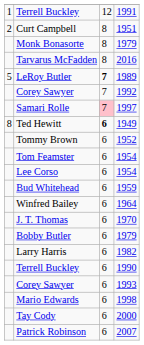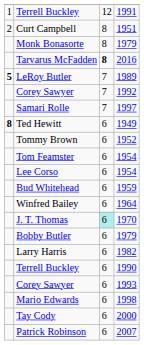 <table class="wikitable">
 <tr>
 </tr>
 <tr>
 <td>1</td>
 <td><a href='#'>Terrell Buckley</a></td>
 <td>12</td>
 <td><a href='#'>1991</a></td>
 </tr>
 <tr>
 <td>2</td>
 <td>Curt Campbell</td>
 <td>8</td>
 <td><a href='#'>1951</a></td>
 </tr>
 <tr>
 <td></td>
 <td><a href='#'>Monk Bonasorte</a></td>
 <td>8</td>
 <td><a href='#'>1979</a></td>
 </tr>
 <tr>
 <td></td>
 <td><a href='#'>Tarvarus McFadden</a></td>
-<td>8</td>
+<td><strong>8</strong></td>
 <td><a href='#'>2016</a></td>
 </tr>
 <tr>
-<td>5</td>
+<td><strong>5</strong></td>
 <td><a href='#'>LeRoy Butler</a></td>
-<td><strong>7</strong></td>
+<td>7</td>
 <td><a href='#'>1989</a></td>
 </tr>
 <tr>
 <td></td>
 <td><a href='#'>Corey Sawyer</a></td>
 <td>7</td>
 <td><a href='#'>1992</a></td>
 </tr>
 <tr>
 <td></td>
 <td><a href='#'>Samari Rolle</a></td>
-<td style="background: pink;">7</td>
+<td>7</td>
 <td><a href='#'>1997</a></td>
 </tr>
 <tr>
-<td>8</td>
+<td><strong>8</strong></td>
 <td>Ted Hewitt</td>
-<td><strong>6</strong></td>
+<td>6</td>
 <td><a href='#'>1949</a></td>
 </tr>
 <tr>
 <td></td>
 <td>Tommy Brown</td>
 <td>6</td>
 <td><a href='#'>1952</a></td>
 </tr>
 <tr>
 <td></td>
 <td><a href='#'>Tom Feamster</a></td>
 <td>6</td>
 <td><a href='#'>1954</a></td>
 </tr>
 <tr>
 <td></td>
 <td><a href='#'>Lee Corso</a></td>
 <td>6</td>
 <td><a href='#'>1954</a></td>
 </tr>
 <tr>
 <td></td>
 <td><a href='#'>Bud Whitehead</a></td>
 <td>6</td>
 <td><a href='#'>1959</a></td>
 </tr>
 <tr>
 <td></td>
 <td>Winfred Bailey</td>
 <td>6</td>
 <td><a href='#'>1964</a></td>
 </tr>
 <tr>
 <td></td>
 <td><a href='#'>J. T. Thomas</a></td>
-<td>6</td>
+<td style="background: paleturquoise;">6</td>
 <td><a href='#'>1970</a></td>
 </tr>
 <tr>
 <td></td>
 <td><a href='#'>Bobby Butler</a></td>
 <td>6</td>
 <td><a href='#'>1979</a></td>
 </tr>
 <tr>
 <td></td>
 <td>Larry Harris</td>
 <td>6</td>
 <td><a href='#'>1982</a></td>
 </tr>
 <tr>
 <td></td>
 <td><a href='#'>Terrell Buckley</a></td>
 <td>6</td>
 <td><a href='#'>1990</a></td>
 </tr>
 <tr>
 <td></td>
 <td><a href='#'>Corey Sawyer</a></td>
 <td>6</td>
 <td><a href='#'>1993</a></td>
 </tr>
 <tr>
 <td></td>
 <td><a href='#'>Mario Edwards</a></td>
 <td>6</td>
 <td><a href='#'>1998</a></td>
 </tr>
 <tr>
 <td></td>
 <td><a href='#'>Tay Cody</a></td>
 <td>6</td>
 <td><a href='#'>2000</a></td>
 </tr>
 <tr>
 <td></td>
 <td><a href='#'>Patrick Robinson</a></td>
 <td>6</td>
 <td><a href='#'>2007</a></td>
 </tr>
 </table>
